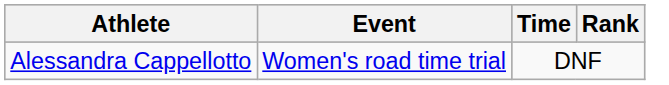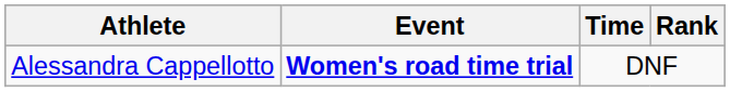 <table class=wikitable style="font-size:90%">
 <tr>
 <th>Athlete</th>
 <th>Event</th>
 <th>Time</th>
 <th>Rank</th>
 </tr>
 <tr>
 <td align=left><a href='#'>Alessandra Cappellotto</a></td>
-<td align=left><a href='#'>Women's road time trial</a></td>
+<td align=left><strong><a href='#'>Women's road time trial</a></strong></td>
 <td align=center colspan=2>DNF</td>
 </tr>
 </table>
